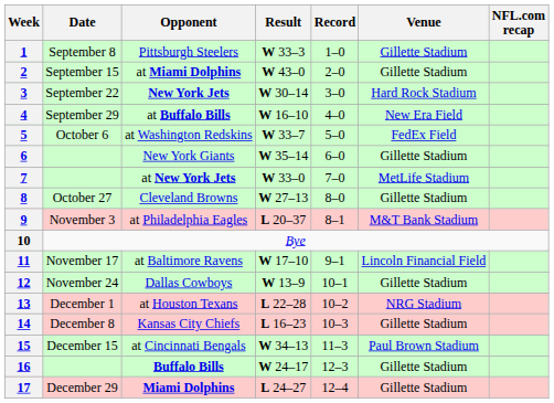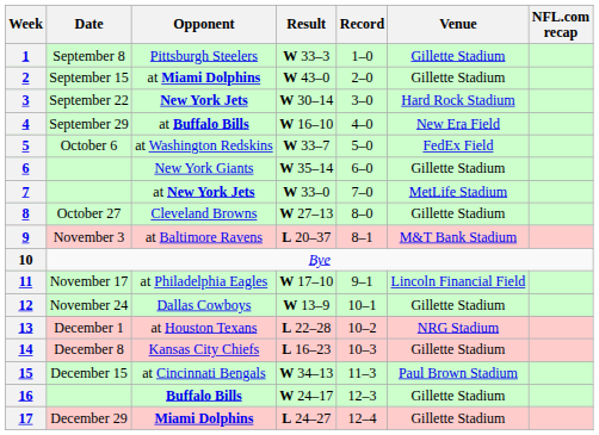 <table class="wikitable" style="text-align:center">
 <tr>
 <th>Week</th>
 <th>Date</th>
 <th>Opponent</th>
 <th>Result</th>
 <th>Record</th>
 <th>Venue</th>
 <th>NFL.com<br>recap</th>
 </tr>
 <tr style="background:#cfc">
 <th><a href='#'>1</a></th>
 <td>September 8</td>
 <td><a href='#'>Pittsburgh Steelers</a></td>
 <td><strong>W</strong> 33–3</td>
 <td>1–0</td>
 <td><a href='#'>Gillette Stadium</a></td>
 <td></td>
 </tr>
 <tr style="background:#cfc">
 <th><a href='#'>2</a></th>
 <td>September 15</td>
 <td>at <strong><a href='#'>Miami Dolphins</a></strong></td>
 <td><strong>W</strong> 43–0</td>
 <td>2–0</td>
 <td>Gillette Stadium</td>
 <td></td>
 </tr>
 <tr style="background:#cfc">
 <th><a href='#'>3</a></th>
 <td>September 22</td>
 <td><strong><a href='#'>New York Jets</a></strong></td>
 <td><strong>W</strong> 30–14</td>
 <td>3–0</td>
 <td><a href='#'>Hard Rock Stadium</a></td>
 <td></td>
 </tr>
 <tr style="background:#cfc">
 <th><a href='#'>4</a></th>
 <td>September 29</td>
 <td>at <strong><a href='#'>Buffalo Bills</a></strong></td>
 <td><strong>W</strong> 16–10</td>
 <td>4–0</td>
 <td><a href='#'>New Era Field</a></td>
 <td></td>
 </tr>
 <tr style="background:#cfc">
 <th><a href='#'>5</a></th>
 <td>October 6</td>
 <td>at <a href='#'>Washington Redskins</a></td>
 <td><strong>W</strong> 33–7</td>
 <td>5–0</td>
 <td><a href='#'>FedEx Field</a></td>
 <td></td>
 </tr>
 <tr style="background:#cfc">
 <th><a href='#'>6</a></th>
 <td></td>
 <td><a href='#'>New York Giants</a></td>
 <td><strong>W</strong> 35–14</td>
 <td>6–0</td>
 <td>Gillette Stadium</td>
 <td></td>
 </tr>
 <tr style="background:#cfc">
 <th><a href='#'>7</a></th>
 <td></td>
 <td>at <strong><a href='#'>New York Jets</a></strong></td>
 <td><strong>W</strong> 33–0</td>
 <td>7–0</td>
 <td><a href='#'>MetLife Stadium</a></td>
 <td></td>
 </tr>
 <tr style="background:#cfc">
 <th><a href='#'>8</a></th>
 <td>October 27</td>
 <td><a href='#'>Cleveland Browns</a></td>
 <td><strong>W</strong> 27–13</td>
 <td>8–0</td>
 <td>Gillette Stadium</td>
 <td></td>
 </tr>
 <tr style="background:#fcc">
 <th><a href='#'>9</a></th>
 <td>November 3</td>
-<td>at <a href='#'>Philadelphia Eagles</a></td>
+<td>at <a href='#'>Baltimore Ravens</a></td>
 <td><strong>L</strong> 20–37</td>
 <td>8–1</td>
 <td><a href='#'>M&T Bank Stadium</a></td>
 <td></td>
 </tr>
 <tr>
 <th>10</th>
 <td colspan="6"><em><a href='#'>Bye</a></em></td>
 </tr>
 <tr style="background:#cfc">
 <th><a href='#'>11</a></th>
 <td>November 17</td>
-<td>at <a href='#'>Baltimore Ravens</a></td>
+<td>at <a href='#'>Philadelphia Eagles</a></td>
 <td><strong>W</strong> 17–10</td>
 <td>9–1</td>
 <td><a href='#'>Lincoln Financial Field</a></td>
 <td></td>
 </tr>
 <tr style="background:#cfc">
 <th><a href='#'>12</a></th>
 <td>November 24</td>
 <td><a href='#'>Dallas Cowboys</a></td>
 <td><strong>W</strong> 13–9</td>
 <td>10–1</td>
 <td>Gillette Stadium</td>
 <td></td>
 </tr>
 <tr style="background:#fcc">
 <th><a href='#'>13</a></th>
 <td>December 1</td>
 <td>at <a href='#'>Houston Texans</a></td>
 <td><strong>L</strong> 22–28</td>
 <td>10–2</td>
 <td><a href='#'>NRG Stadium</a></td>
 <td></td>
 </tr>
 <tr style="background:#fcc">
 <th><a href='#'>14</a></th>
 <td>December 8</td>
 <td><a href='#'>Kansas City Chiefs</a></td>
 <td><strong>L</strong> 16–23</td>
 <td>10–3</td>
 <td>Gillette Stadium</td>
 <td></td>
 </tr>
 <tr style="background:#cfc">
 <th><a href='#'>15</a></th>
 <td>December 15</td>
 <td>at <a href='#'>Cincinnati Bengals</a></td>
 <td><strong>W</strong> 34–13</td>
 <td>11–3</td>
 <td><a href='#'>Paul Brown Stadium</a></td>
 <td></td>
 </tr>
 <tr style="background:#cfc">
 <th><a href='#'>16</a></th>
 <td></td>
 <td><strong><a href='#'>Buffalo Bills</a></strong></td>
 <td><strong>W</strong> 24–17</td>
 <td>12–3</td>
 <td>Gillette Stadium</td>
 <td></td>
 </tr>
 <tr style="background:#fcc">
 <th><a href='#'>17</a></th>
 <td>December 29</td>
 <td><strong><a href='#'>Miami Dolphins</a></strong></td>
 <td><strong>L</strong> 24–27</td>
 <td>12–4</td>
 <td>Gillette Stadium</td>
 <td></td>
 </tr>
 </table>
